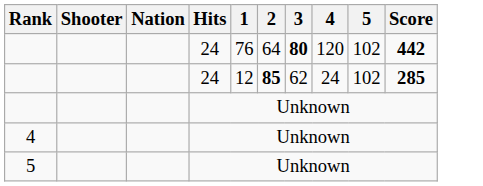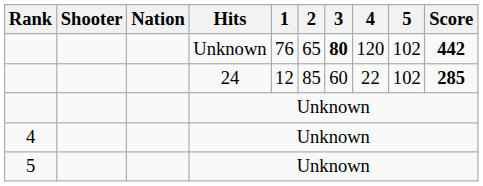 <table class="wikitable sortable" style="text-align:center">
 <tr>
 <th>Rank</th>
 <th>Shooter</th>
 <th>Nation</th>
 <th>Hits</th>
 <th>1</th>
 <th>2</th>
 <th>3</th>
 <th>4</th>
 <th>5</th>
 <th>Score</th>
 </tr>
 <tr>
 <td></td>
 <td align=left></td>
 <td align=left></td>
-<td>24</td>
+<td>Unknown</td>
 <td>76</td>
-<td>64</td>
+<td>65</td>
 <td><strong>80</strong></td>
 <td>120</td>
 <td>102</td>
 <td><strong>442</strong></td>
 </tr>
 <tr>
 <td></td>
 <td align=left></td>
 <td align=left></td>
 <td>24</td>
 <td>12</td>
-<td><strong>85</strong></td>
-<td>62</td>
-<td>24</td>
+<td>85</td>
+<td>60</td>
+<td>22</td>
 <td>102</td>
 <td><strong>285</strong></td>
 </tr>
 <tr>
 <td></td>
 <td align=left></td>
 <td align=left></td>
 <td colspan=7>Unknown</td>
 </tr>
 <tr>
 <td>4</td>
 <td align=left></td>
 <td align=left></td>
 <td colspan=7>Unknown</td>
 </tr>
 <tr>
 <td>5</td>
 <td align=left></td>
 <td align=left></td>
 <td colspan=7>Unknown</td>
 </tr>
 </table>
